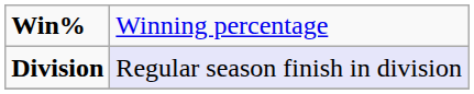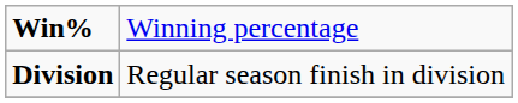 <table class="wikitable">
 <tr>
 <td><strong>Win%</strong></td>
 <td><a href='#'>Winning percentage</a></td>
 </tr>
 <tr>
 <td><strong>Division</strong></td>
-<td style="background: lavender;">Regular season finish in division</td>
+<td>Regular season finish in division</td>
 </tr>
 <tr>
 </tr>
 </table>
